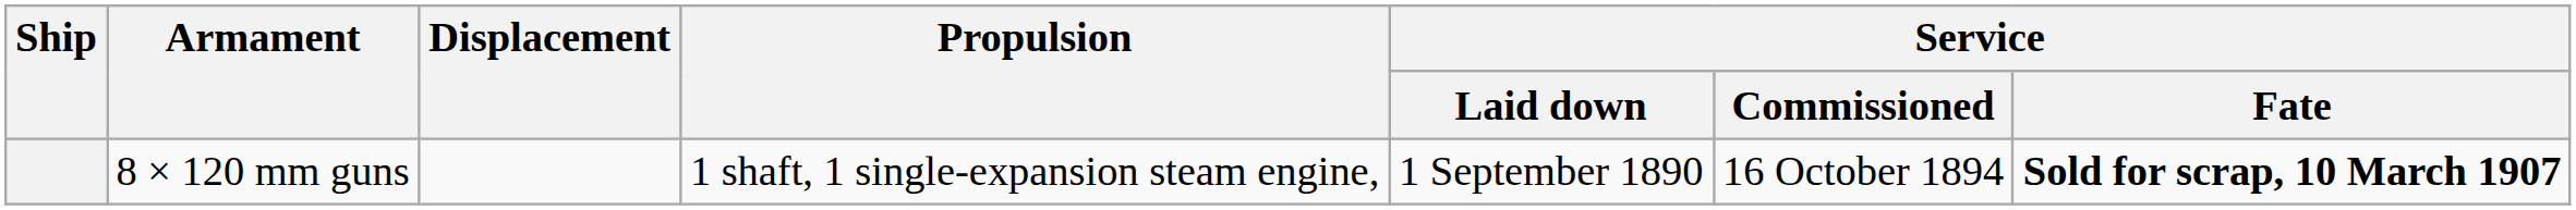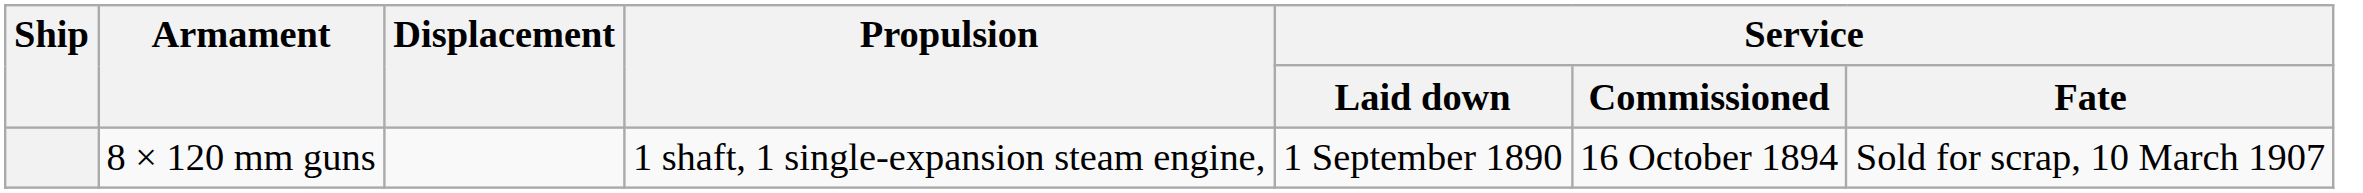 <table class="wikitable plainrowheaders" style="text-align: center;">
 <tr valign="top">
 <th scope="col" rowspan="2">Ship</th>
 <th scope="col" rowspan="2">Armament</th>
 <th scope="col" rowspan="2">Displacement</th>
 <th scope="col" rowspan="2">Propulsion</th>
 <th scope="col" colspan="3">Service</th>
 </tr>
 <tr valign="top">
 <th scope="col">Laid down</th>
 <th scope="col">Commissioned</th>
 <th scope="col">Fate</th>
 </tr>
 <tr valign="center">
 <th scope="row"></th>
 <td>8 × 120 mm guns</td>
 <td></td>
 <td>1 shaft, 1 single-expansion steam engine, </td>
 <td>1 September 1890</td>
 <td>16 October 1894</td>
-<td><strong>Sold for scrap, 10 March 1907</strong></td>
+<td>Sold for scrap, 10 March 1907</td>
 </tr>
 </table>
